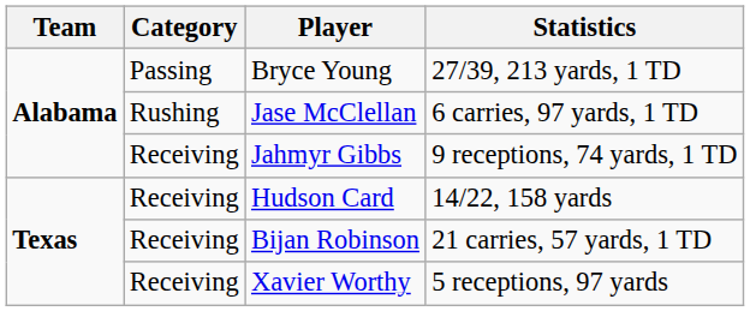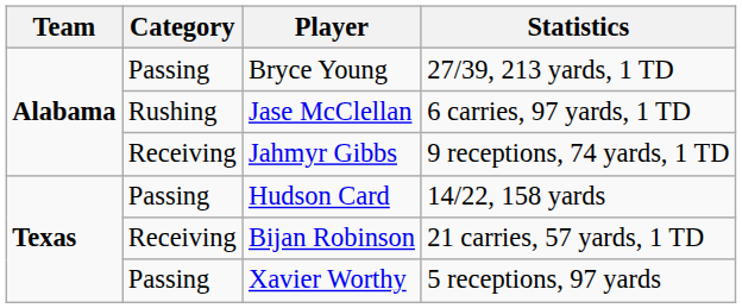 <table class="wikitable" style="float: right;">
 <tr>
 <th>Team</th>
 <th>Category</th>
 <th>Player</th>
 <th>Statistics</th>
 </tr>
 <tr>
 <td rowspan=3><strong>Alabama</strong></td>
 <td>Passing</td>
 <td>Bryce Young</td>
 <td>27/39, 213 yards, 1 TD</td>
 </tr>
 <tr>
 <td>Rushing</td>
 <td><a href='#'>Jase McClellan</a></td>
 <td>6 carries, 97 yards, 1 TD</td>
 </tr>
 <tr>
 <td>Receiving</td>
 <td><a href='#'>Jahmyr Gibbs</a></td>
 <td>9 receptions, 74 yards, 1 TD</td>
 </tr>
 <tr>
 <td rowspan=3><strong>Texas</strong></td>
-<td>Receiving</td>
+<td>Passing</td>
 <td><a href='#'>Hudson Card</a></td>
 <td>14/22, 158 yards</td>
 </tr>
 <tr>
 <td>Receiving</td>
 <td><a href='#'>Bijan Robinson</a></td>
 <td>21 carries, 57 yards, 1 TD</td>
 </tr>
 <tr>
-<td>Receiving</td>
+<td>Passing</td>
 <td><a href='#'>Xavier Worthy</a></td>
 <td>5 receptions, 97 yards</td>
 </tr>
 </table>
